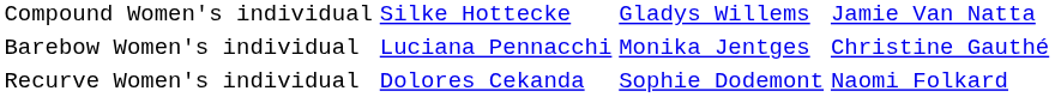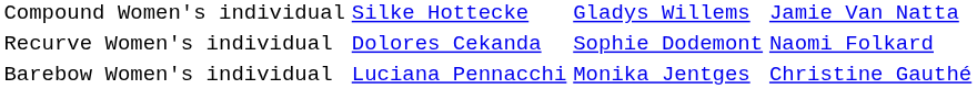 <table>
 <tr>
 <td>Compound Women's individual<br></td>
 <td> <a href='#'>Silke Hottecke</a></td>
 <td> <a href='#'>Gladys Willems</a></td>
 <td> <a href='#'>Jamie Van Natta</a></td>
 </tr>
 <tr>
+<td>Recurve Women's individual<br></td>
+<td> <a href='#'>Dolores Cekanda</a></td>
+<td> <a href='#'>Sophie Dodemont</a></td>
+<td> <a href='#'>Naomi Folkard</a></td>
+</tr>
+<tr>
 <td>Barebow Women's individual<br></td>
 <td> <a href='#'>Luciana Pennacchi</a></td>
 <td> <a href='#'>Monika Jentges</a></td>
 <td> <a href='#'>Christine Gauthé</a></td>
 </tr>
-<tr>
-<td>Recurve Women's individual<br></td>
-<td> <a href='#'>Dolores Cekanda</a></td>
-<td> <a href='#'>Sophie Dodemont</a></td>
-<td> <a href='#'>Naomi Folkard</a></td>
-</tr>
 </table>
